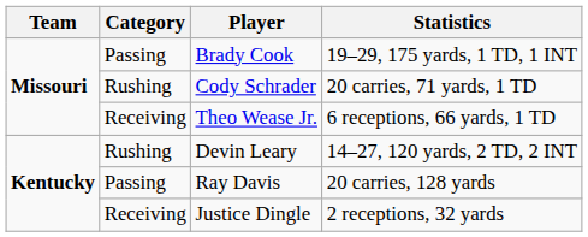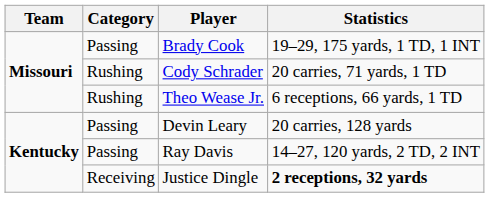 <table class="wikitable" style="float: right;">
 <tr>
 <th>Team</th>
 <th>Category</th>
 <th>Player</th>
 <th>Statistics</th>
 </tr>
 <tr>
 <td rowspan=3><strong>Missouri</strong></td>
 <td>Passing</td>
 <td><a href='#'>Brady Cook</a></td>
 <td>19–29, 175 yards, 1 TD, 1 INT</td>
 </tr>
 <tr>
 <td>Rushing</td>
 <td><a href='#'>Cody Schrader</a></td>
 <td>20 carries, 71 yards, 1 TD</td>
 </tr>
 <tr>
-<td>Receiving</td>
+<td>Rushing</td>
 <td><a href='#'>Theo Wease Jr.</a></td>
 <td>6 receptions, 66 yards, 1 TD</td>
 </tr>
 <tr>
 <td rowspan=3><strong>Kentucky</strong></td>
-<td>Rushing</td>
+<td>Passing</td>
 <td>Devin Leary</td>
-<td>14–27, 120 yards, 2 TD, 2 INT</td>
+<td>20 carries, 128 yards</td>
 </tr>
 <tr>
 <td>Passing</td>
 <td>Ray Davis</td>
-<td>20 carries, 128 yards</td>
+<td>14–27, 120 yards, 2 TD, 2 INT</td>
 </tr>
 <tr>
 <td>Receiving</td>
 <td>Justice Dingle</td>
-<td>2 receptions, 32 yards</td>
+<td><strong>2 receptions, 32 yards</strong></td>
 </tr>
 </table>
